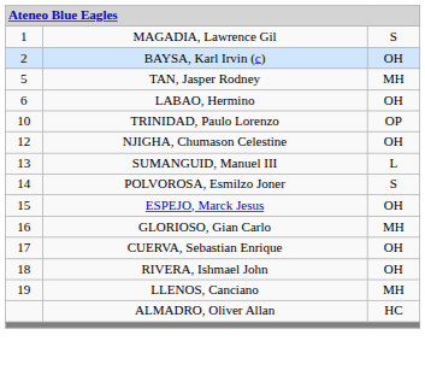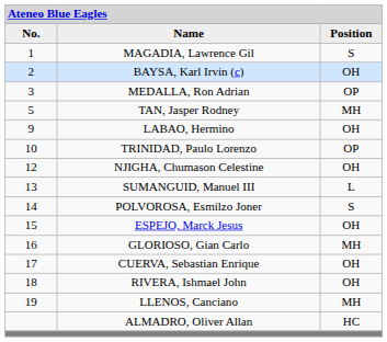 <table class='wikitable mw-collapsible mw-collapsed' style="text-align: center; width: 500px; border: none">
 <tr>
 <th style="background:#D4D4D4; text-align:left;" colspan=3><a href='#'>Ateneo Blue Eagles</a></th>
+</tr>
+<tr style="background:#EEEEEE; font-weight:bold;">
+<td width=10%>No.</td>
+<td width=50%>Name</td>
+<td width=10%>Position</td>
 </tr>
 <tr>
 <td align=center>1</td>
 <td>MAGADIA, Lawrence Gil</td>
 <td align=center>S</td>
 </tr>
 <tr style="background: #D0E6FF">
 <td align=center>2</td>
 <td>BAYSA, Karl Irvin (<a href='#'>c</a>)</td>
 <td align=center>OH</td>
 </tr>
 <tr>
+<td align=center>3</td>
+<td>MEDALLA, Ron Adrian</td>
+<td align=center>OP</td>
+</tr>
+<tr>
 <td align=center>5</td>
 <td>TAN, Jasper Rodney</td>
 <td align=center>MH</td>
 </tr>
 <tr>
-<td align=center>6</td>
+<td align=center>9</td>
 <td>LABAO, Hermino</td>
 <td align=center>OH</td>
 </tr>
 <tr>
 <td align=center>10</td>
 <td>TRINIDAD, Paulo Lorenzo</td>
 <td align=center>OP</td>
 </tr>
 <tr>
 <td align=center>12</td>
 <td>NJIGHA, Chumason Celestine</td>
 <td align=center>OH</td>
 </tr>
 <tr>
 <td align=center>13</td>
 <td>SUMANGUID, Manuel III</td>
 <td align=center>L</td>
 </tr>
 <tr>
 <td align=center>14</td>
 <td>POLVOROSA, Esmilzo Joner</td>
 <td align=center>S</td>
 </tr>
 <tr>
 <td align=center>15</td>
 <td><a href='#'>ESPEJO, Marck Jesus</a></td>
 <td align=center>OH</td>
 </tr>
 <tr>
 <td align=center>16</td>
 <td>GLORIOSO, Gian Carlo</td>
 <td align=center>MH</td>
 </tr>
 <tr>
 <td align=center>17</td>
 <td>CUERVA, Sebastian Enrique</td>
 <td align=center>OH</td>
 </tr>
 <tr>
 <td align=center>18</td>
 <td>RIVERA, Ishmael John</td>
 <td align=center>OH</td>
 </tr>
 <tr>
 <td align=center>19</td>
 <td>LLENOS, Canciano</td>
 <td align=center>MH</td>
 </tr>
 <tr>
 <td align=center></td>
 <td>ALMADRO, Oliver Allan</td>
 <td align=center>HC</td>
 </tr>
 <tr>
 <th style='background: grey;' colspan=3></th>
 </tr>
 </table>
